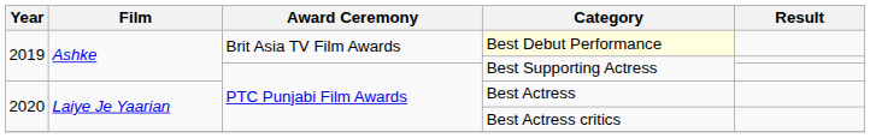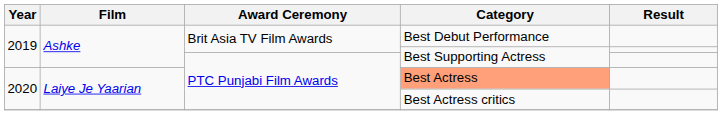 <table class="wikitable plainrowheaders">
 <tr>
 <th width=5%>Year</th>
 <th style="width:20%;">Film</th>
 <th style="width:30%;">Award Ceremony</th>
 <th style="width:29%;">Category</th>
 <th style="width:15%;">Result</th>
 </tr>
 <tr>
 <td rowspan="3">2019</td>
 <td rowspan="3"><em><a href='#'>Ashke</a></em></td>
 <td rowspan="2">Brit Asia TV Film Awards</td>
-<td style="background: lightyellow;">Best Debut Performance</td>
+<td>Best Debut Performance</td>
 <td></td>
 </tr>
 <tr>
 <td rowspan="2">Best Supporting Actress</td>
 <td></td>
 </tr>
 <tr>
 <td rowspan="3"><a href='#'>PTC Punjabi Film Awards</a></td>
 <td></td>
 </tr>
 <tr>
 <td rowspan="2">2020</td>
 <td rowspan="2"><em><a href='#'>Laiye Je Yaarian</a></em></td>
-<td>Best Actress</td>
+<td style="background: lightsalmon;">Best Actress</td>
 <td></td>
 </tr>
 <tr>
 <td>Best Actress critics</td>
 <td></td>
 </tr>
 <tr>
 </tr>
 </table>
